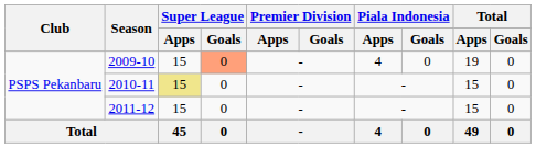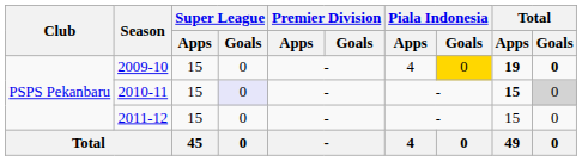 <table class="wikitable" style="font-size:90%; text-align:center;">
 <tr>
 <th rowspan="2">Club</th>
 <th rowspan="2">Season</th>
 <th colspan="2"><a href='#'>Super League</a></th>
 <th colspan="2"><a href='#'>Premier Division</a></th>
 <th colspan="2"><a href='#'>Piala Indonesia</a></th>
 <th colspan="2">Total</th>
 </tr>
 <tr>
 <th>Apps</th>
 <th>Goals</th>
 <th>Apps</th>
 <th>Goals</th>
 <th>Apps</th>
 <th>Goals</th>
 <th>Apps</th>
 <th>Goals</th>
 </tr>
 <tr>
 <td rowspan="3"><a href='#'>PSPS Pekanbaru</a></td>
 <td><a href='#'>2009-10</a></td>
 <td>15</td>
-<td style="background: lightsalmon;">0</td>
+<td>0</td>
 <td colspan="2">-</td>
 <td>4</td>
-<td>0</td>
-<td>19</td>
-<td>0</td>
+<td style="background: gold;">0</td>
+<td><strong>19</strong></td>
+<td><strong>0</strong></td>
 </tr>
 <tr>
 <td><a href='#'>2010-11</a></td>
-<td style="background: khaki;">15</td>
-<td>0</td>
+<td>15</td>
+<td style="background: lavender;">0</td>
 <td colspan="2">-</td>
 <td colspan="2">-</td>
-<td>15</td>
-<td>0</td>
+<td><strong>15</strong></td>
+<td style="background: lightgrey;">0</td>
 </tr>
 <tr>
 <td><a href='#'>2011-12</a></td>
 <td>15</td>
 <td>0</td>
 <td colspan="2">-</td>
 <td colspan="2">-</td>
 <td>15</td>
 <td>0</td>
 </tr>
 <tr>
 <th colspan="2">Total</th>
 <th>45</th>
 <th>0</th>
 <th colspan="2">-</th>
 <th>4</th>
 <th>0</th>
 <th>49</th>
 <th>0</th>
 </tr>
 </table>
